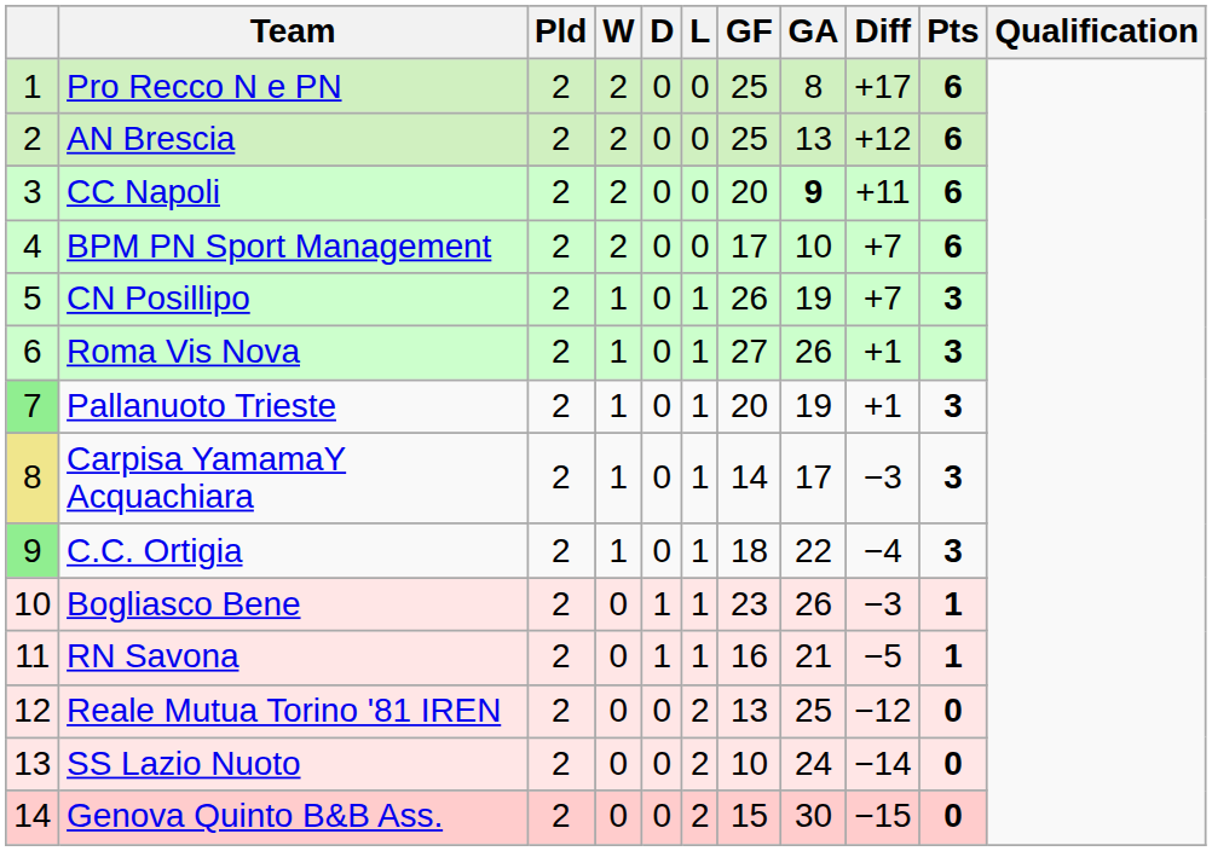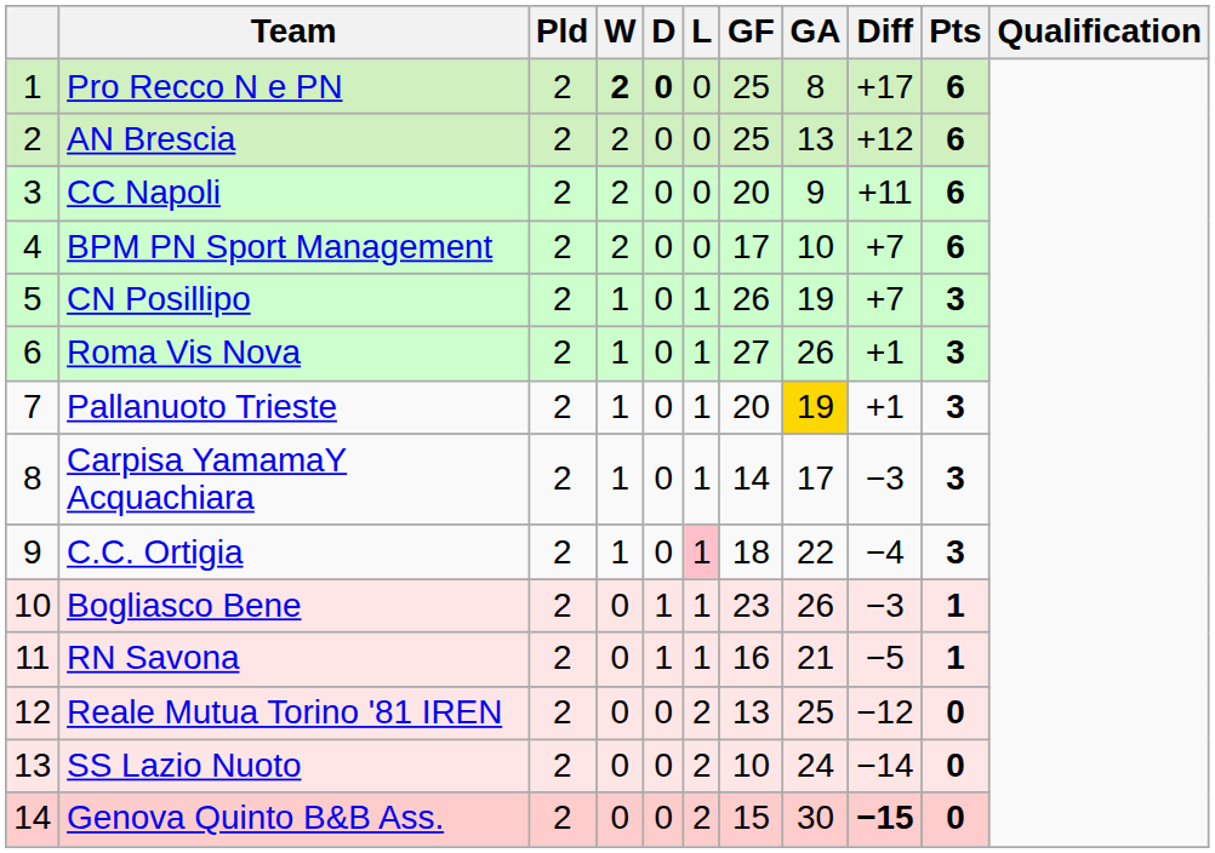 <table class="wikitable sortable" style="text-align:center">
 <tr>
 <th></th>
 <th width="215">Team</th>
 <th>Pld</th>
 <th>W</th>
 <th>D</th>
 <th>L</th>
 <th>GF</th>
 <th>GA</th>
 <th>Diff</th>
 <th>Pts</th>
 <th>Qualification</th>
 </tr>
 <tr style="background: #D0F0C0;">
 <td>1</td>
 <td align=left> <a href='#'>Pro Recco N e PN</a></td>
 <td>2</td>
-<td>2</td>
-<td>0</td>
+<td><strong>2</strong></td>
+<td><strong>0</strong></td>
 <td>0</td>
 <td>25</td>
 <td>8</td>
 <td>+17</td>
 <td><strong>6</strong></td>
 </tr>
 <tr style="background: #D0F0C0;">
 <td>2</td>
 <td align=left> <a href='#'>AN Brescia</a></td>
 <td>2</td>
 <td>2</td>
 <td>0</td>
 <td>0</td>
 <td>25</td>
 <td>13</td>
 <td>+12</td>
 <td><strong>6</strong></td>
 </tr>
 <tr style="background: #CCFFCC;">
 <td>3</td>
 <td align=left> <a href='#'>CC Napoli</a></td>
 <td>2</td>
 <td>2</td>
 <td>0</td>
 <td>0</td>
 <td>20</td>
-<td><strong>9</strong></td>
+<td>9</td>
 <td>+11</td>
 <td><strong>6</strong></td>
 </tr>
 <tr style="background: #CCFFCC;">
 <td>4</td>
 <td align=left> <a href='#'>BPM PN Sport Management</a></td>
 <td>2</td>
 <td>2</td>
 <td>0</td>
 <td>0</td>
 <td>17</td>
 <td>10</td>
 <td>+7</td>
 <td><strong>6</strong></td>
 </tr>
 <tr style="background: #CCFFCC;">
 <td>5</td>
 <td align=left> <a href='#'>CN Posillipo</a></td>
 <td>2</td>
 <td>1</td>
 <td>0</td>
 <td>1</td>
 <td>26</td>
 <td>19</td>
 <td>+7</td>
 <td><strong>3</strong></td>
 </tr>
 <tr style="background: #CCFFCC;">
 <td>6</td>
 <td align=left> <a href='#'>Roma Vis Nova</a></td>
 <td>2</td>
 <td>1</td>
 <td>0</td>
 <td>1</td>
 <td>27</td>
 <td>26</td>
 <td>+1</td>
 <td><strong>3</strong></td>
 </tr>
 <tr>
-<td style="background: lightgreen;">7</td>
+<td>7</td>
 <td align=left> <a href='#'>Pallanuoto Trieste</a></td>
 <td>2</td>
 <td>1</td>
 <td>0</td>
 <td>1</td>
 <td>20</td>
-<td>19</td>
+<td style="background: gold;">19</td>
 <td>+1</td>
 <td><strong>3</strong></td>
 </tr>
 <tr>
-<td style="background: khaki;">8</td>
+<td>8</td>
 <td align=left> <a href='#'>Carpisa YamamaY Acquachiara</a></td>
 <td>2</td>
 <td>1</td>
 <td>0</td>
 <td>1</td>
 <td>14</td>
 <td>17</td>
 <td>−3</td>
 <td><strong>3</strong></td>
 </tr>
 <tr>
-<td style="background: lightgreen;">9</td>
+<td>9</td>
 <td align=left> <a href='#'>C.C. Ortigia</a></td>
 <td>2</td>
 <td>1</td>
 <td>0</td>
-<td>1</td>
+<td style="background: pink;">1</td>
 <td>18</td>
 <td>22</td>
 <td>−4</td>
 <td><strong>3</strong></td>
 </tr>
 <tr style="background: #FFE6E6;">
 <td>10</td>
 <td align=left> <a href='#'>Bogliasco Bene</a></td>
 <td>2</td>
 <td>0</td>
 <td>1</td>
 <td>1</td>
 <td>23</td>
 <td>26</td>
 <td>−3</td>
 <td><strong>1</strong></td>
 </tr>
 <tr style="background: #FFE6E6;">
 <td>11</td>
 <td align=left> <a href='#'>RN Savona</a></td>
 <td>2</td>
 <td>0</td>
 <td>1</td>
 <td>1</td>
 <td>16</td>
 <td>21</td>
 <td>−5</td>
 <td><strong>1</strong></td>
 </tr>
 <tr style="background: #FFE6E6;">
 <td>12</td>
 <td align=left> <a href='#'>Reale Mutua Torino '81 IREN</a></td>
 <td>2</td>
 <td>0</td>
 <td>0</td>
 <td>2</td>
 <td>13</td>
 <td>25</td>
 <td>−12</td>
 <td><strong>0</strong></td>
 </tr>
 <tr style="background: #FFE6E6;">
 <td>13</td>
 <td align=left> <a href='#'>SS Lazio Nuoto</a></td>
 <td>2</td>
 <td>0</td>
 <td>0</td>
 <td>2</td>
 <td>10</td>
 <td>24</td>
 <td>−14</td>
 <td><strong>0</strong></td>
 </tr>
 <tr style="background: #FFCCCC;">
 <td>14</td>
 <td align=left> <a href='#'>Genova Quinto B&B Ass.</a></td>
 <td>2</td>
 <td>0</td>
 <td>0</td>
 <td>2</td>
 <td>15</td>
 <td>30</td>
-<td>−15</td>
+<td><strong>−15</strong></td>
 <td><strong>0</strong></td>
 </tr>
 </table>
